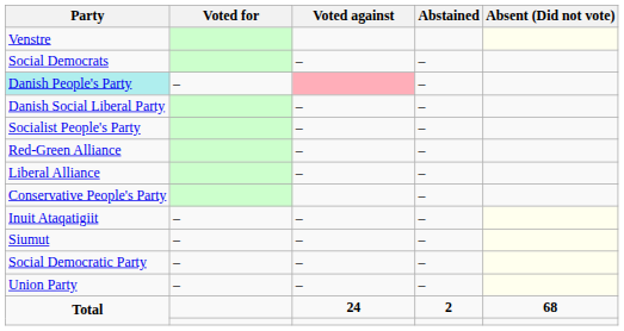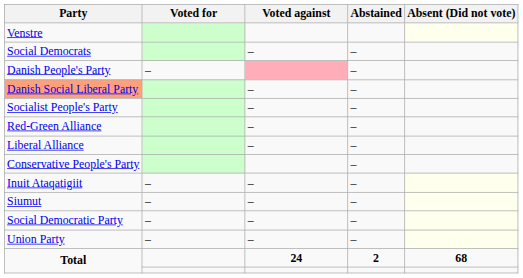 <table class="wikitable">
 <tr>
 <th>Party</th>
 <th style="width:20%;">Voted for</th>
 <th style="width:20%;">Voted against</th>
 <th>Abstained</th>
 <th>Absent (Did not vote)</th>
 </tr>
 <tr>
 <td> <a href='#'>Venstre</a></td>
 <td style="background-color:#CCFFCC;"></td>
 <td></td>
 <td></td>
 <td style="background-color:#FFE;"></td>
 </tr>
 <tr>
 <td> <a href='#'>Social Democrats</a></td>
 <td style="background-color:#CCFFCC;"></td>
 <td>–</td>
 <td>–</td>
 <td></td>
 </tr>
 <tr>
-<td style="background: paleturquoise;"> <a href='#'>Danish People's Party</a></td>
+<td> <a href='#'>Danish People's Party</a></td>
 <td>–</td>
 <td style="background-color:#FFAEB9;"></td>
 <td>–</td>
 <td></td>
 </tr>
 <tr>
-<td> <a href='#'>Danish Social Liberal Party</a></td>
+<td style="background: lightsalmon;"> <a href='#'>Danish Social Liberal Party</a></td>
 <td style="background-color:#CCFFCC;"></td>
 <td>–</td>
 <td>–</td>
 <td></td>
 </tr>
 <tr>
 <td> <a href='#'>Socialist People's Party</a></td>
 <td style="background-color:#CCFFCC;"></td>
 <td>–</td>
 <td>–</td>
 <td></td>
 </tr>
 <tr>
 <td> <a href='#'>Red-Green Alliance</a></td>
 <td style="background-color:#CCFFCC;"></td>
 <td>–</td>
 <td>–</td>
 <td></td>
 </tr>
 <tr>
 <td> <a href='#'>Liberal Alliance</a></td>
 <td style="background-color:#CCFFCC;"></td>
 <td>–</td>
 <td>–</td>
 <td></td>
 </tr>
 <tr>
 <td> <a href='#'>Conservative People's Party</a></td>
 <td style="background-color:#CCFFCC;"></td>
 <td></td>
 <td>–</td>
 <td></td>
 </tr>
 <tr>
 <td> <a href='#'>Inuit Ataqatigiit</a></td>
 <td>–</td>
 <td>–</td>
 <td>–</td>
 <td style="background-color:#FFE;"></td>
 </tr>
 <tr>
 <td> <a href='#'>Siumut</a></td>
 <td>–</td>
 <td>–</td>
 <td>–</td>
 <td style="background-color:#FFE;"></td>
 </tr>
 <tr>
 <td> <a href='#'>Social Democratic Party</a></td>
 <td>–</td>
 <td>–</td>
 <td>–</td>
 <td style="background-color:#FFE;"></td>
 </tr>
 <tr>
 <td> <a href='#'>Union Party</a></td>
 <td>–</td>
 <td>–</td>
 <td>–</td>
 <td style="background-color:#FFE;"></td>
 </tr>
 <tr>
 <td style="text-align:center;" rowspan="2"><strong>Total</strong></td>
 <td></td>
 <td style="text-align:center;"><strong>24</strong></td>
 <td style="text-align:center;"><strong>2</strong></td>
 <td style="text-align:center;"><strong>68</strong></td>
 </tr>
 <tr>
 <td style="text-align:center;"></td>
 <td style="text-align:center;"></td>
 <td style="text-align:center;"></td>
 <td style="text-align:center;"></td>
 </tr>
 </table>
